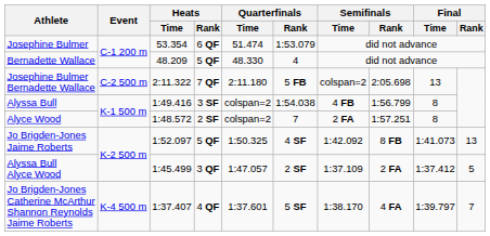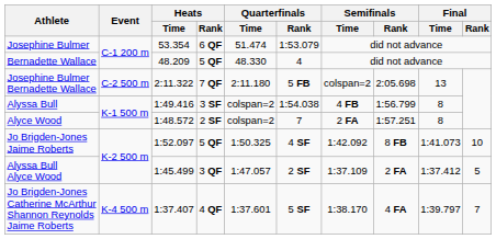 <table class=wikitable style=font-size:90%;text-align:center>
 <tr>
 <th rowspan=2>Athlete</th>
 <th rowspan=2>Event</th>
 <th colspan=2>Heats</th>
 <th colspan=2>Quarterfinals</th>
 <th colspan=2>Semifinals</th>
 <th colspan=2>Final</th>
 </tr>
 <tr style=font-size:95%>
 <th>Time</th>
 <th>Rank</th>
 <th>Time</th>
 <th>Rank</th>
 <th>Time</th>
 <th>Rank</th>
 <th>Time</th>
 <th>Rank</th>
 </tr>
 <tr>
 <td align=left><a href='#'>Josephine Bulmer</a></td>
 <td align=left rowspan=2><a href='#'>C-1 200 m</a></td>
 <td>53.354</td>
 <td>6 <strong>QF</strong></td>
 <td>51.474</td>
 <td>1:53.079</td>
 <td colspan=4>did not advance</td>
 </tr>
 <tr>
 <td align=left><a href='#'>Bernadette Wallace</a></td>
 <td>48.209</td>
 <td>5 <strong>QF</strong></td>
 <td>48.330</td>
 <td>4</td>
 <td colspan=4>did not advance</td>
 </tr>
 <tr>
 <td align=left><a href='#'>Josephine Bulmer</a><br><a href='#'>Bernadette Wallace</a></td>
 <td align=left><a href='#'>C-2 500 m</a></td>
 <td>2:11.322</td>
 <td>7 <strong>QF</strong></td>
 <td>2:11.180</td>
 <td>5 <strong>FB</strong></td>
 <td>colspan=2 </td>
 <td>2:05.698</td>
 <td>13</td>
 </tr>
 <tr>
 <td align=left><a href='#'>Alyssa Bull</a></td>
 <td align=left rowspan=2><a href='#'>K-1 500 m</a></td>
 <td>1:49.416</td>
 <td>3 <strong>SF</strong></td>
 <td>colspan=2 </td>
 <td>1:54.038</td>
 <td>4 <strong>FB</strong></td>
 <td>1:56.799</td>
 <td>8</td>
 </tr>
 <tr>
 <td align=left><a href='#'>Alyce Wood</a></td>
 <td>1:48.572</td>
 <td>2 <strong>SF</strong></td>
 <td>colspan=2 </td>
 <td>7</td>
 <td>2 <strong>FA</strong></td>
 <td>1:57.251</td>
 <td>8</td>
 </tr>
 <tr>
 <td align=left><a href='#'>Jo Brigden-Jones</a><br><a href='#'>Jaime Roberts</a></td>
 <td align=left rowspan=2><a href='#'>K-2 500 m</a></td>
 <td>1:52.097</td>
 <td>5 <strong>QF</strong></td>
 <td>1:50.325</td>
 <td>4 <strong>SF</strong></td>
 <td>1:42.092</td>
 <td>8 <strong>FB</strong></td>
 <td>1:41.073</td>
-<td>13</td>
+<td>10</td>
 </tr>
 <tr>
 <td align=left><a href='#'>Alyssa Bull</a><br><a href='#'>Alyce Wood</a></td>
 <td>1:45.499</td>
 <td>3 <strong>QF</strong></td>
 <td>1:47.057</td>
 <td>2 <strong>SF</strong></td>
 <td>1:37.109</td>
 <td>2 <strong>FA</strong></td>
 <td>1:37.412</td>
 <td>5</td>
 </tr>
 <tr>
 <td align=left><a href='#'>Jo Brigden-Jones</a><br><a href='#'>Catherine McArthur</a><br><a href='#'>Shannon Reynolds</a><br><a href='#'>Jaime Roberts</a></td>
 <td align=left><a href='#'>K-4 500 m</a></td>
 <td>1:37.407</td>
 <td>4 <strong>QF</strong></td>
 <td>1:37.601</td>
 <td>5 <strong>SF</strong></td>
 <td>1:38.170</td>
 <td>4 <strong>FA</strong></td>
 <td>1:39.797</td>
 <td>7</td>
 </tr>
 </table>
